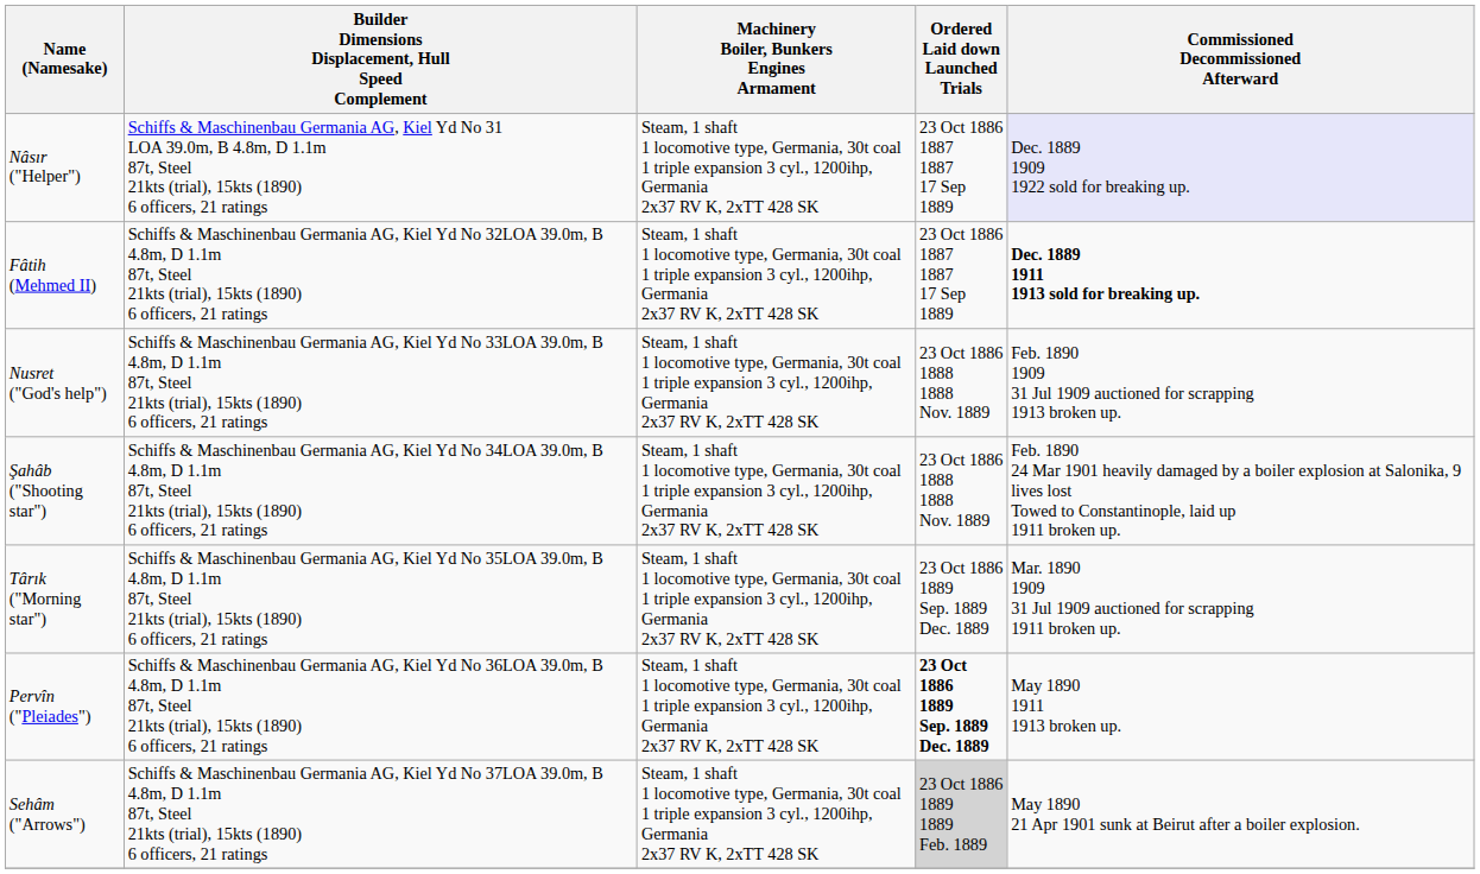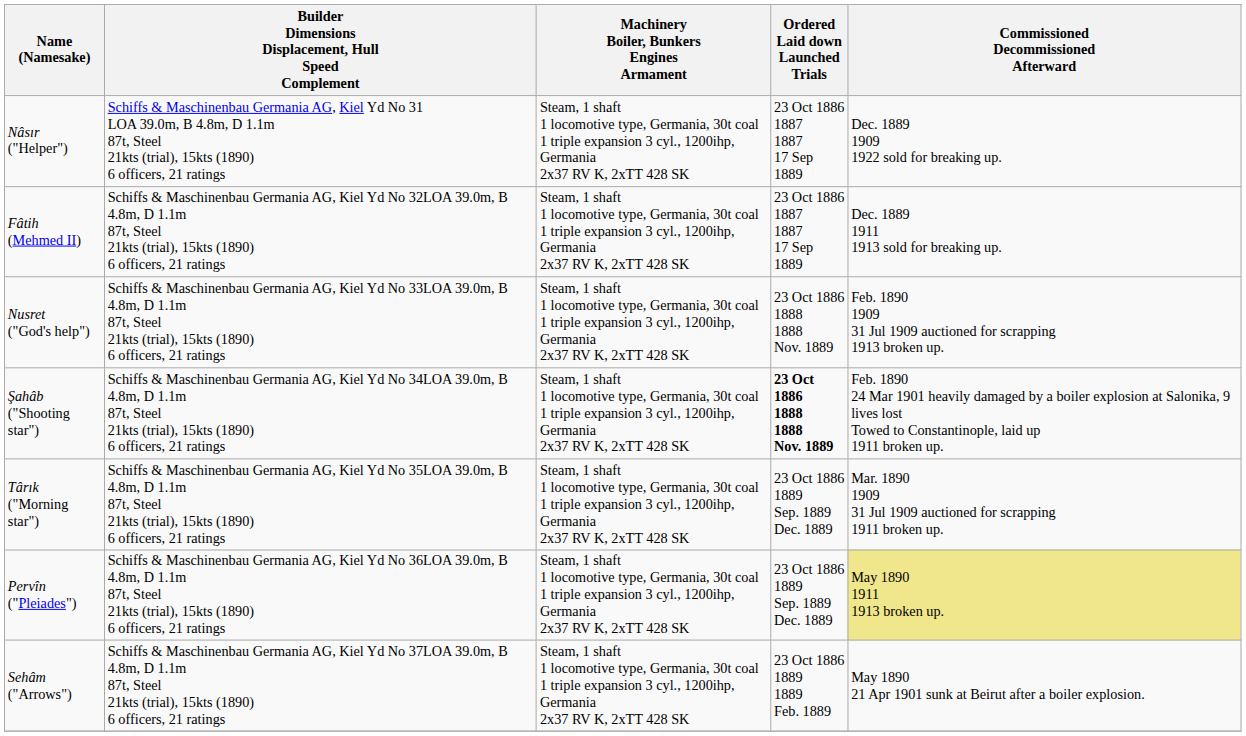 <table class="wikitable" style="font-size:90%;">
 <tr bgcolor="#e6e9ff">
 <th>Name<br>(Namesake)</th>
 <th>Builder<br>Dimensions<br>Displacement, Hull<br>Speed<br>Complement</th>
 <th>Machinery<br>Boiler, Bunkers<br>Engines<br>Armament</th>
 <th>Ordered<br>Laid down<br>Launched<br>Trials</th>
 <th>Commissioned<br>Decommissioned<br>Afterward</th>
 </tr>
 <tr ---->
 <td><em>Nâsır</em><br>("Helper")</td>
 <td> <a href='#'>Schiffs & Maschinenbau Germania AG</a>, <a href='#'>Kiel</a> Yd No 31<br>LOA 39.0m, B 4.8m, D 1.1m<br>87t, Steel<br>21kts (trial), 15kts (1890)<br>6 officers, 21 ratings</td>
 <td>Steam, 1 shaft<br>1 locomotive type, Germania, 30t coal<br>1 triple expansion 3 cyl., 1200ihp, Germania<br>2x37 RV K, 2xTT 428 SK</td>
 <td>23 Oct 1886<br>1887<br>1887<br>17 Sep 1889</td>
-<td style="background: lavender;">Dec. 1889<br>1909<br>1922 sold for breaking up.</td>
+<td>Dec. 1889<br>1909<br>1922 sold for breaking up.</td>
 </tr>
 <tr ---->
 <td><em>Fâtih</em><br>(<a href='#'>Mehmed II</a>)</td>
 <td> Schiffs & Maschinenbau Germania AG, Kiel Yd No 32LOA 39.0m, B 4.8m, D 1.1m<br>87t, Steel<br>21kts (trial), 15kts (1890)<br>6 officers, 21 ratings</td>
 <td>Steam, 1 shaft<br>1 locomotive type, Germania, 30t coal<br>1 triple expansion 3 cyl., 1200ihp, Germania<br>2x37 RV K, 2xTT 428 SK</td>
 <td>23 Oct 1886<br>1887<br>1887<br>17 Sep 1889</td>
-<td><strong>Dec. 1889<br>1911<br>1913 sold for breaking up.</strong></td>
+<td>Dec. 1889<br>1911<br>1913 sold for breaking up.</td>
 </tr>
 <tr ---->
 <td><em>Nusret</em><br>("God's help")</td>
 <td> Schiffs & Maschinenbau Germania AG, Kiel Yd No 33LOA 39.0m, B 4.8m, D 1.1m<br>87t, Steel<br>21kts (trial), 15kts (1890)<br>6 officers, 21 ratings</td>
 <td>Steam, 1 shaft<br>1 locomotive type, Germania, 30t coal<br>1 triple expansion 3 cyl., 1200ihp, Germania<br>2x37 RV K, 2xTT 428 SK</td>
 <td>23 Oct 1886<br>1888<br>1888<br>Nov. 1889</td>
 <td>Feb. 1890<br>1909<br>31 Jul 1909 auctioned for scrapping<br>1913 broken up.</td>
 </tr>
 <tr ---->
 <td><em>Şahâb</em><br>("Shooting star")</td>
 <td> Schiffs & Maschinenbau Germania AG, Kiel Yd No 34LOA 39.0m, B 4.8m, D 1.1m<br>87t, Steel<br>21kts (trial), 15kts (1890)<br>6 officers, 21 ratings</td>
 <td>Steam, 1 shaft<br>1 locomotive type, Germania, 30t coal<br>1 triple expansion 3 cyl., 1200ihp, Germania<br>2x37 RV K, 2xTT 428 SK</td>
-<td>23 Oct 1886<br>1888<br>1888<br>Nov. 1889</td>
+<td><strong>23 Oct 1886<br>1888<br>1888<br>Nov. 1889</strong></td>
 <td>Feb. 1890<br>24 Mar 1901 heavily damaged by a boiler explosion at Salonika, 9 lives lost<br>Towed to Constantinople, laid up<br>1911 broken up.</td>
 </tr>
 <tr ---->
 <td><em>Târık</em><br>("Morning star")</td>
 <td> Schiffs & Maschinenbau Germania AG, Kiel Yd No 35LOA 39.0m, B 4.8m, D 1.1m<br>87t, Steel<br>21kts (trial), 15kts (1890)<br>6 officers, 21 ratings</td>
 <td>Steam, 1 shaft<br>1 locomotive type, Germania, 30t coal<br>1 triple expansion 3 cyl., 1200ihp, Germania<br>2x37 RV K, 2xTT 428 SK</td>
 <td>23 Oct 1886<br>1889<br>Sep. 1889<br>Dec. 1889</td>
 <td>Mar. 1890<br>1909<br>31 Jul 1909 auctioned for scrapping<br>1911 broken up.</td>
 </tr>
 <tr ---->
 <td><em>Pervîn</em><br>("<a href='#'>Pleiades</a>")</td>
 <td> Schiffs & Maschinenbau Germania AG, Kiel Yd No 36LOA 39.0m, B 4.8m, D 1.1m<br>87t, Steel<br>21kts (trial), 15kts (1890)<br>6 officers, 21 ratings</td>
 <td>Steam, 1 shaft<br>1 locomotive type, Germania, 30t coal<br>1 triple expansion 3 cyl., 1200ihp, Germania<br>2x37 RV K, 2xTT 428 SK</td>
-<td><strong>23 Oct 1886<br>1889<br>Sep. 1889<br>Dec. 1889</strong></td>
-<td>May 1890<br>1911<br>1913 broken up.</td>
+<td>23 Oct 1886<br>1889<br>Sep. 1889<br>Dec. 1889</td>
+<td style="background: khaki;">May 1890<br>1911<br>1913 broken up.</td>
 </tr>
 <tr ---->
 <td><em>Sehâm</em><br>("Arrows")</td>
 <td> Schiffs & Maschinenbau Germania AG, Kiel Yd No 37LOA 39.0m, B 4.8m, D 1.1m<br>87t, Steel<br>21kts (trial), 15kts (1890)<br>6 officers, 21 ratings</td>
 <td>Steam, 1 shaft<br>1 locomotive type, Germania, 30t coal<br>1 triple expansion 3 cyl., 1200ihp, Germania<br>2x37 RV K, 2xTT 428 SK</td>
-<td style="background: lightgrey;">23 Oct 1886<br>1889<br>1889<br>Feb. 1889</td>
+<td>23 Oct 1886<br>1889<br>1889<br>Feb. 1889</td>
 <td>May 1890<br>21 Apr 1901 sunk at Beirut after a boiler explosion.</td>
 </tr>
 <tr ---->
 </tr>
 </table>
